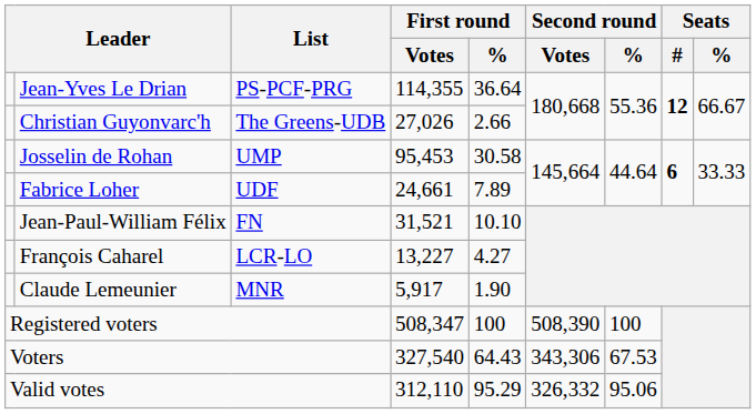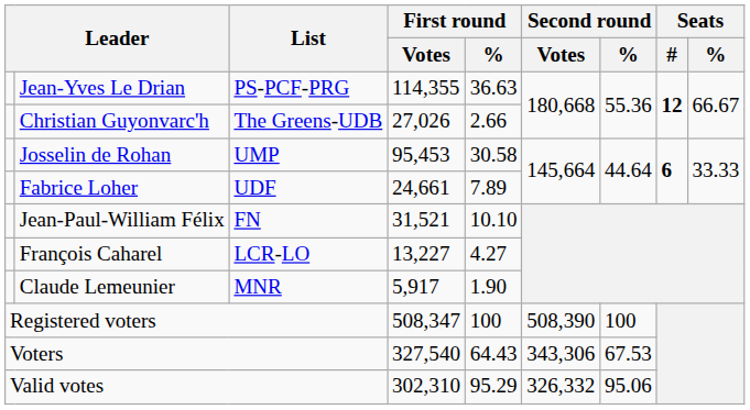 <table class="wikitable">
 <tr>
 <th colspan="2" rowspan="2">Leader</th>
 <th rowspan="2">List</th>
 <th colspan="2">First round</th>
 <th colspan="2">Second round</th>
 <th colspan="2">Seats</th>
 </tr>
 <tr>
 <th>Votes</th>
 <th>%</th>
 <th>Votes</th>
 <th>%</th>
 <th>#</th>
 <th>%</th>
 </tr>
 <tr>
 <td style="background:"></td>
 <td><a href='#'>Jean-Yves Le Drian</a></td>
 <td><a href='#'>PS</a>-<a href='#'>PCF</a>-<a href='#'>PRG</a></td>
 <td>114,355</td>
-<td>36.64</td>
+<td>36.63</td>
 <td rowspan="2">180,668</td>
 <td rowspan="2">55.36</td>
 <td rowspan="2"><strong>12</strong></td>
 <td rowspan="2">66.67</td>
 </tr>
 <tr>
 <td style="background:"></td>
 <td><a href='#'>Christian Guyonvarc'h</a></td>
 <td><a href='#'>The Greens</a>-<a href='#'>UDB</a></td>
 <td>27,026</td>
 <td>2.66</td>
 </tr>
 <tr>
 <td style="background:"></td>
 <td><a href='#'>Josselin de Rohan</a></td>
 <td><a href='#'>UMP</a></td>
 <td>95,453</td>
 <td>30.58</td>
 <td rowspan="2">145,664</td>
 <td rowspan="2">44.64</td>
 <td rowspan="2"><strong>6</strong></td>
 <td rowspan="2">33.33</td>
 </tr>
 <tr>
 <td style="background:"></td>
 <td><a href='#'>Fabrice Loher</a></td>
 <td><a href='#'>UDF</a></td>
 <td>24,661</td>
 <td>7.89</td>
 </tr>
 <tr>
 <td style="background:"></td>
 <td>Jean-Paul-William Félix</td>
 <td><a href='#'>FN</a></td>
 <td>31,521</td>
 <td>10.10</td>
 <th colspan="4" rowspan="3"></th>
 </tr>
 <tr>
 <td style="background:"></td>
 <td>François Caharel</td>
 <td><a href='#'>LCR</a>-<a href='#'>LO</a></td>
 <td>13,227</td>
 <td>4.27</td>
 </tr>
 <tr>
 <td style="background:"></td>
 <td>Claude Lemeunier</td>
 <td><a href='#'>MNR</a></td>
 <td>5,917</td>
 <td>1.90</td>
 </tr>
 <tr>
 <td colspan="3">Registered voters</td>
 <td>508,347</td>
 <td>100</td>
 <td>508,390</td>
 <td>100</td>
 <th colspan="2" rowspan="3"></th>
 </tr>
 <tr>
 <td colspan="3">Voters</td>
 <td>327,540</td>
 <td>64.43</td>
 <td>343,306</td>
 <td>67.53</td>
 </tr>
 <tr>
 <td colspan="3">Valid votes</td>
-<td>312,110</td>
+<td>302,310</td>
 <td>95.29</td>
 <td>326,332</td>
 <td>95.06</td>
 </tr>
 </table>
